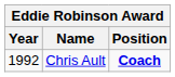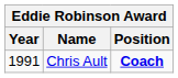 <table class="wikitable">
 <tr align="center">
 <th colspan=5>Eddie Robinson Award</th>
 </tr>
 <tr>
 <th>Year</th>
 <th>Name</th>
 <th>Position</th>
 </tr>
 <tr align="center" bgcolor="">
-<td>1992</td>
+<td>1991</td>
 <td><a href='#'>Chris Ault</a></td>
 <td><strong><a href='#'>Coach</a></strong></td>
 </tr>
 </table>
